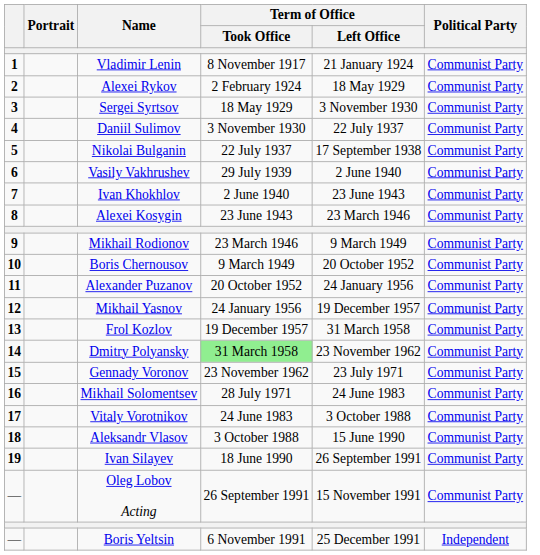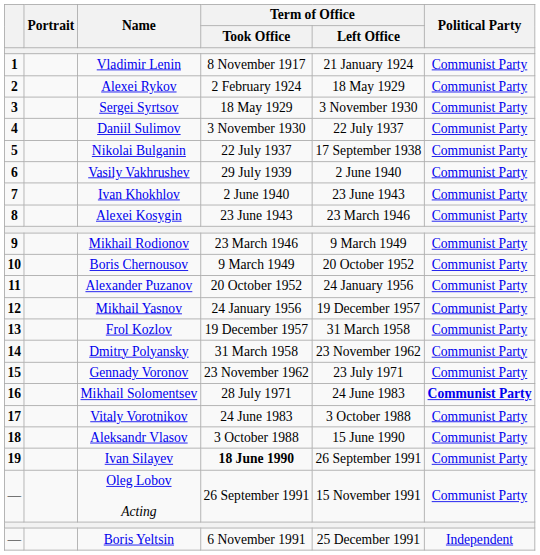 <table class="wikitable" style="text-align:center">
 <tr>
 <th rowspan=2></th>
 <th rowspan=2>Portrait</th>
 <th rowspan=2>Name<br></th>
 <th colspan=2>Term of Office</th>
 <th rowspan=2>Political Party</th>
 </tr>
 <tr>
 <th>Took Office</th>
 <th>Left Office</th>
 </tr>
 <tr>
 <th colspan="6"></th>
 </tr>
 <tr>
 <td style="background: "><strong>1</strong></td>
 <td></td>
 <td><a href='#'>Vladimir Lenin</a><br></td>
 <td>8 November 1917</td>
 <td>21 January 1924</td>
 <td><a href='#'>Communist Party</a></td>
 </tr>
 <tr>
 <td style="background: "><strong>2</strong></td>
 <td></td>
 <td><a href='#'>Alexei Rykov</a><br></td>
 <td>2 February 1924</td>
 <td>18 May 1929</td>
 <td><a href='#'>Communist Party</a></td>
 </tr>
 <tr>
 <td style="background: "><strong>3</strong></td>
 <td></td>
 <td><a href='#'>Sergei Syrtsov</a><br></td>
 <td>18 May 1929</td>
 <td>3 November 1930</td>
 <td><a href='#'>Communist Party</a></td>
 </tr>
 <tr>
 <td style="background: "><strong>4</strong></td>
 <td></td>
 <td><a href='#'>Daniil Sulimov</a><br></td>
 <td>3 November 1930</td>
 <td>22 July 1937</td>
 <td><a href='#'>Communist Party</a></td>
 </tr>
 <tr>
 <td style="background: "><strong>5</strong></td>
 <td></td>
 <td><a href='#'>Nikolai Bulganin</a><br></td>
 <td>22 July 1937</td>
 <td>17 September 1938</td>
 <td><a href='#'>Communist Party</a></td>
 </tr>
 <tr>
 <td style="background: "><strong>6</strong></td>
 <td></td>
 <td><a href='#'>Vasily Vakhrushev</a><br></td>
 <td>29 July 1939</td>
 <td>2 June 1940</td>
 <td><a href='#'>Communist Party</a></td>
 </tr>
 <tr>
 <td style="background: "><strong>7</strong></td>
 <td></td>
 <td><a href='#'>Ivan Khokhlov</a><br></td>
 <td>2 June 1940</td>
 <td>23 June 1943</td>
 <td><a href='#'>Communist Party</a></td>
 </tr>
 <tr>
 <td style="background: "><strong>8</strong></td>
 <td></td>
 <td><a href='#'>Alexei Kosygin</a><br></td>
 <td>23 June 1943</td>
 <td>23 March 1946</td>
 <td><a href='#'>Communist Party</a></td>
 </tr>
 <tr>
 <th colspan="6"></th>
 </tr>
 <tr>
 <td style="background: "><strong>9</strong></td>
 <td></td>
 <td><a href='#'>Mikhail Rodionov</a><br></td>
 <td>23 March 1946</td>
 <td>9 March 1949</td>
 <td><a href='#'>Communist Party</a></td>
 </tr>
 <tr>
 <td style="background: "><strong>10</strong></td>
 <td></td>
 <td><a href='#'>Boris Chernousov</a><br></td>
 <td>9 March 1949</td>
 <td>20 October 1952</td>
 <td><a href='#'>Communist Party</a></td>
 </tr>
 <tr>
 <td style="background: "><strong>11</strong></td>
 <td></td>
 <td><a href='#'>Alexander Puzanov</a><br></td>
 <td>20 October 1952</td>
 <td>24 January 1956</td>
 <td><a href='#'>Communist Party</a></td>
 </tr>
 <tr>
 <td style="background: "><strong>12</strong></td>
 <td></td>
 <td><a href='#'>Mikhail Yasnov</a><br></td>
 <td>24 January 1956</td>
 <td>19 December 1957</td>
 <td><a href='#'>Communist Party</a></td>
 </tr>
 <tr>
 <td style="background: "><strong>13</strong></td>
 <td></td>
 <td><a href='#'>Frol Kozlov</a><br></td>
 <td>19 December 1957</td>
 <td>31 March 1958</td>
 <td><a href='#'>Communist Party</a></td>
 </tr>
 <tr>
 <td style="background: "><strong>14</strong></td>
 <td></td>
 <td><a href='#'>Dmitry Polyansky</a><br></td>
-<td style="background: lightgreen;">31 March 1958</td>
+<td>31 March 1958</td>
 <td>23 November 1962</td>
 <td><a href='#'>Communist Party</a></td>
 </tr>
 <tr>
 <td style="background: "><strong>15</strong></td>
 <td></td>
 <td><a href='#'>Gennady Voronov</a><br></td>
 <td>23 November 1962</td>
 <td>23 July 1971</td>
 <td><a href='#'>Communist Party</a></td>
 </tr>
 <tr>
 <td style="background: "><strong>16</strong></td>
 <td></td>
 <td><a href='#'>Mikhail Solomentsev</a><br></td>
 <td>28 July 1971</td>
 <td>24 June 1983</td>
-<td><a href='#'>Communist Party</a></td>
+<td><strong><a href='#'>Communist Party</a></strong></td>
 </tr>
 <tr>
 <td style="background: "><strong>17</strong></td>
 <td></td>
 <td><a href='#'>Vitaly Vorotnikov</a><br></td>
 <td>24 June 1983</td>
 <td>3 October 1988</td>
 <td><a href='#'>Communist Party</a></td>
 </tr>
 <tr>
 <td style="background: "><strong>18</strong></td>
 <td></td>
 <td><a href='#'>Aleksandr Vlasov</a><br></td>
 <td>3 October 1988</td>
 <td>15 June 1990</td>
 <td><a href='#'>Communist Party</a></td>
 </tr>
 <tr>
 <td style="background: "><strong>19</strong></td>
 <td></td>
 <td><a href='#'>Ivan Silayev</a><br></td>
-<td>18 June 1990</td>
+<td><strong>18 June 1990</strong></td>
 <td>26 September 1991</td>
 <td><a href='#'>Communist Party</a></td>
 </tr>
 <tr>
 <td style="background: ">—</td>
 <td></td>
 <td><a href='#'>Oleg Lobov</a><br><br><em>Acting</em></td>
 <td>26 September 1991</td>
 <td>15 November 1991</td>
 <td><a href='#'>Communist Party</a></td>
 </tr>
 <tr>
 <th colspan="6" align="center"></th>
 </tr>
 <tr>
 <td style="background: ">—</td>
 <td></td>
 <td><a href='#'>Boris Yeltsin</a><br></td>
 <td>6 November 1991</td>
 <td>25 December 1991</td>
 <td><a href='#'>Independent</a></td>
 </tr>
 </table>
